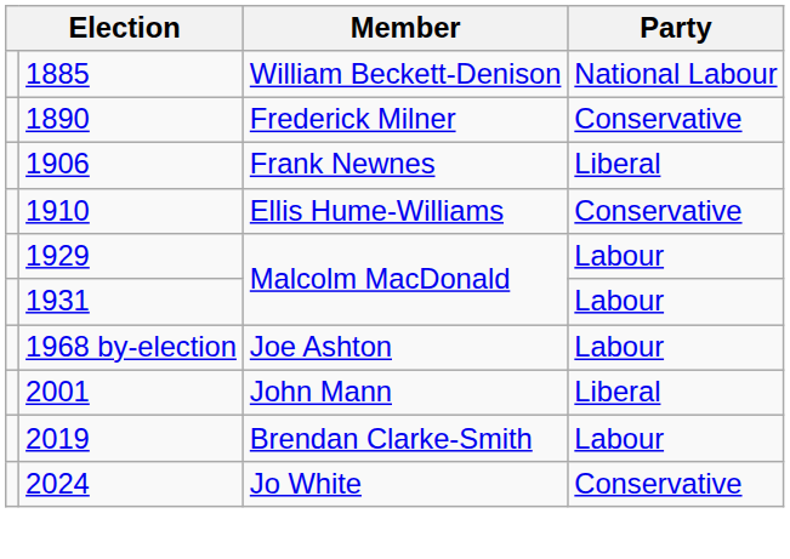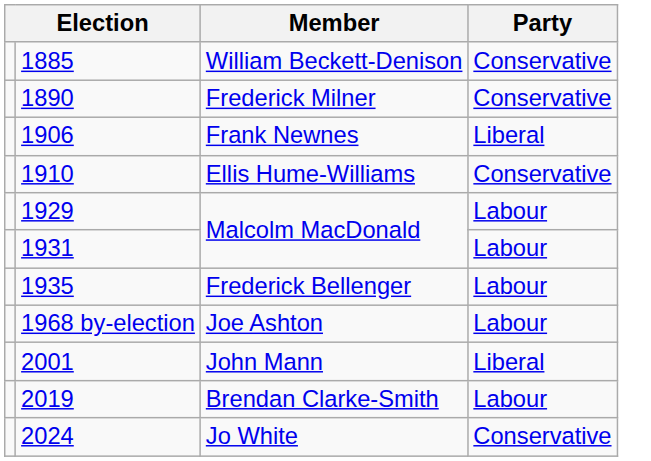 <table class="wikitable">
 <tr>
 <th colspan="2">Election</th>
 <th>Member</th>
 <th>Party</th>
 </tr>
 <tr>
 <td style="color:inherit;background-color: "></td>
 <td><a href='#'>1885</a></td>
 <td><a href='#'>William Beckett-Denison</a></td>
-<td><a href='#'>National Labour</a></td>
+<td><a href='#'>Conservative</a></td>
 </tr>
 <tr>
 <td style="color:inherit;background-color: "></td>
 <td><a href='#'>1890</a></td>
 <td><a href='#'>Frederick Milner</a></td>
 <td><a href='#'>Conservative</a></td>
 </tr>
 <tr>
 <td style="color:inherit;background-color: "></td>
 <td><a href='#'>1906</a></td>
 <td><a href='#'>Frank Newnes</a></td>
 <td><a href='#'>Liberal</a></td>
 </tr>
 <tr>
 <td style="color:inherit;background: "></td>
 <td><a href='#'>1910</a></td>
 <td><a href='#'>Ellis Hume-Williams</a></td>
 <td><a href='#'>Conservative</a></td>
 </tr>
 <tr>
 <td style="color:inherit;background-color: "></td>
 <td><a href='#'>1929</a></td>
 <td rowspan="2"><a href='#'>Malcolm MacDonald</a></td>
 <td><a href='#'>Labour</a></td>
 </tr>
 <tr>
 <td style="color:inherit;background-color: "></td>
 <td><a href='#'>1931</a></td>
 <td><a href='#'>Labour</a></td>
 </tr>
 <tr>
 <td style="color:inherit;background-color: "></td>
+<td><a href='#'>1935</a></td>
+<td><a href='#'>Frederick Bellenger</a></td>
+<td><a href='#'>Labour</a></td>
+</tr>
+<tr>
+<td style="color:inherit;background-color: "></td>
 <td><a href='#'>1968 by-election</a></td>
 <td><a href='#'>Joe Ashton</a></td>
 <td><a href='#'>Labour</a></td>
 </tr>
 <tr>
 <td style="color:inherit;background-color: "></td>
 <td><a href='#'>2001</a></td>
 <td><a href='#'>John Mann</a></td>
 <td><a href='#'>Liberal</a></td>
 </tr>
 <tr>
 <td style="color:inherit;background-color: "></td>
 <td><a href='#'>2019</a></td>
 <td><a href='#'>Brendan Clarke-Smith</a></td>
 <td><a href='#'>Labour</a></td>
 </tr>
 <tr>
 <td style="color:inherit;background-color: "></td>
 <td><a href='#'>2024</a></td>
 <td><a href='#'>Jo White</a></td>
 <td><a href='#'>Conservative</a></td>
 </tr>
 </table>
